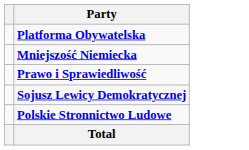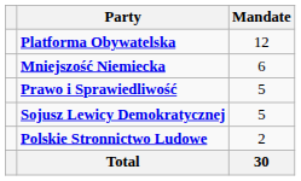 <table class="wikitable">
 <tr>
 <th width=5></th>
 <th>Party</th>
+<th>Mandate</th>
 </tr>
 <tr>
 <td style="background:"></td>
 <td><strong><a href='#'>Platforma Obywatelska</a></strong></td>
+<td align="center">12</td>
 </tr>
 <tr>
 <td style="background:"></td>
 <td><strong><a href='#'>Mniejszość Niemiecka</a></strong></td>
+<td align="center">6</td>
 </tr>
 <tr>
 <td style="background:"></td>
 <td><strong><a href='#'>Prawo i Sprawiedliwość</a></strong></td>
+<td align="center">5</td>
 </tr>
 <tr>
 <td style="background:"></td>
 <td><strong><a href='#'>Sojusz Lewicy Demokratycznej</a></strong></td>
+<td align="center">5</td>
 </tr>
 <tr>
 <td style="background:"></td>
 <td><strong><a href='#'>Polskie Stronnictwo Ludowe</a></strong></td>
+<td align="center">2</td>
 </tr>
 <tr bgcolor="#ececec">
 <th></th>
 <th>Total</th>
+<th align="center">30</th>
 </tr>
 </table>
